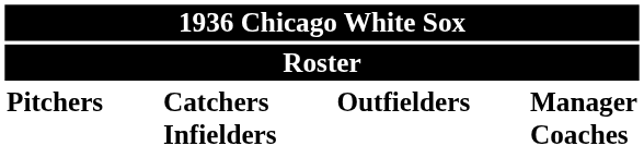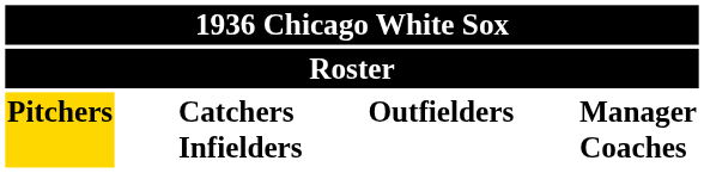 <table class="toccolours" style="font-size: 95%;">
 <tr>
 <th colspan="10" style="background-color: black; color: white; text-align: center;">1936 Chicago White Sox</th>
 </tr>
 <tr>
 <td colspan="10" style="background-color: black; color: white; text-align: center;"><strong>Roster</strong></td>
 </tr>
 <tr>
-<td valign="top"><strong>Pitchers</strong><br>            </td>
+<td valign="top" style="background: gold;"><strong>Pitchers</strong><br>            </td>
 <td width="25"></td>
 <td valign="top"><strong>Catchers</strong><br>   <strong>Infielders</strong>       </td>
 <td width="25"></td>
 <td valign="top"><strong>Outfielders</strong><br>      </td>
 <td width="25"></td>
 <td valign="top"><strong>Manager</strong><br> <strong>Coaches</strong>   </td>
 </tr>
 </table>
